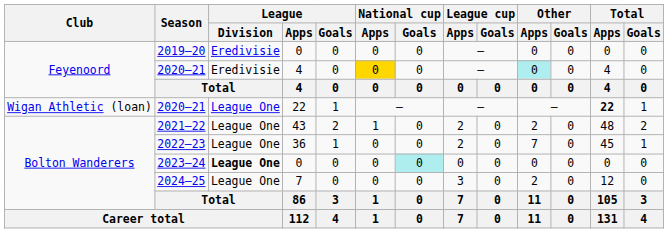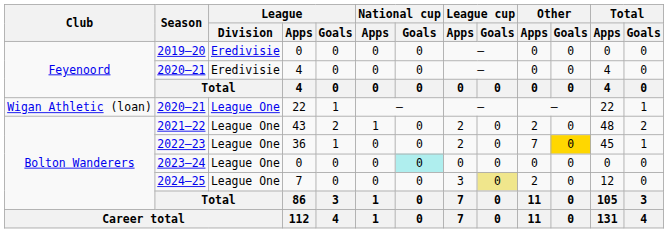 <table class="wikitable" style="text-align:center">
 <tr>
 <th rowspan="2">Club</th>
 <th rowspan="2">Season</th>
 <th colspan="3">League</th>
 <th colspan="2">National cup</th>
 <th colspan="2">League cup</th>
 <th colspan="2">Other</th>
 <th colspan="2">Total</th>
 </tr>
 <tr>
 <th>Division</th>
 <th>Apps</th>
 <th>Goals</th>
 <th>Apps</th>
 <th>Goals</th>
 <th>Apps</th>
 <th>Goals</th>
 <th>Apps</th>
 <th>Goals</th>
 <th>Apps</th>
 <th>Goals</th>
 </tr>
 <tr>
 <td rowspan="3"><a href='#'>Feyenoord</a></td>
 <td><a href='#'>2019–20</a></td>
 <td><a href='#'>Eredivisie</a></td>
 <td>0</td>
 <td>0</td>
 <td>0</td>
 <td>0</td>
 <td colspan="2">—</td>
 <td>0</td>
 <td>0</td>
 <td>0</td>
 <td>0</td>
 </tr>
 <tr>
 <td><a href='#'>2020–21</a></td>
 <td>Eredivisie</td>
 <td>4</td>
 <td>0</td>
-<td style="background: gold;">0</td>
+<td>0</td>
 <td>0</td>
 <td colspan="2">—</td>
-<td style="background: paleturquoise;">0</td>
+<td>0</td>
 <td>0</td>
 <td>4</td>
 <td>0</td>
 </tr>
 <tr>
 <th colspan="2">Total</th>
 <th>4</th>
 <th>0</th>
 <th>0</th>
 <th>0</th>
 <th>0</th>
 <th>0</th>
 <th>0</th>
 <th>0</th>
 <th>4</th>
 <th>0</th>
 </tr>
 <tr>
 <td><a href='#'>Wigan Athletic</a> (loan)</td>
 <td><a href='#'>2020–21</a></td>
 <td><a href='#'>League One</a></td>
 <td>22</td>
 <td>1</td>
 <td colspan="2">—</td>
 <td colspan="2">—</td>
 <td colspan="2">—</td>
-<td><strong>22</strong></td>
+<td>22</td>
 <td>1</td>
 </tr>
 <tr>
 <td rowspan="5"><a href='#'>Bolton Wanderers</a></td>
 <td><a href='#'>2021–22</a></td>
 <td>League One</td>
 <td>43</td>
 <td>2</td>
 <td>1</td>
 <td>0</td>
 <td>2</td>
 <td>0</td>
 <td>2</td>
 <td>0</td>
 <td>48</td>
 <td>2</td>
 </tr>
 <tr>
 <td><a href='#'>2022–23</a></td>
 <td>League One</td>
 <td>36</td>
 <td>1</td>
 <td>0</td>
 <td>0</td>
 <td>2</td>
 <td>0</td>
 <td>7</td>
-<td>0</td>
+<td style="background: gold;">0</td>
 <td>45</td>
 <td>1</td>
 </tr>
 <tr>
 <td><a href='#'>2023–24</a></td>
-<td><strong>League One</strong></td>
+<td>League One</td>
 <td>0</td>
 <td>0</td>
 <td>0</td>
 <td style="background: paleturquoise;">0</td>
 <td>0</td>
 <td>0</td>
 <td>0</td>
 <td>0</td>
 <td>0</td>
 <td>0</td>
 </tr>
 <tr>
 <td><a href='#'>2024–25</a></td>
 <td>League One</td>
 <td>7</td>
 <td>0</td>
 <td>0</td>
 <td>0</td>
 <td>3</td>
-<td>0</td>
+<td style="background: khaki;">0</td>
 <td>2</td>
 <td>0</td>
 <td>12</td>
 <td>0</td>
 </tr>
 <tr>
 <th colspan="2">Total</th>
 <th>86</th>
 <th>3</th>
 <th>1</th>
 <th>0</th>
 <th>7</th>
 <th>0</th>
 <th>11</th>
 <th>0</th>
 <th>105</th>
 <th>3</th>
 </tr>
 <tr>
 <th colspan="3">Career total</th>
 <th>112</th>
 <th>4</th>
 <th>1</th>
 <th>0</th>
 <th>7</th>
 <th>0</th>
 <th>11</th>
 <th>0</th>
 <th>131</th>
 <th>4</th>
 </tr>
 </table>
